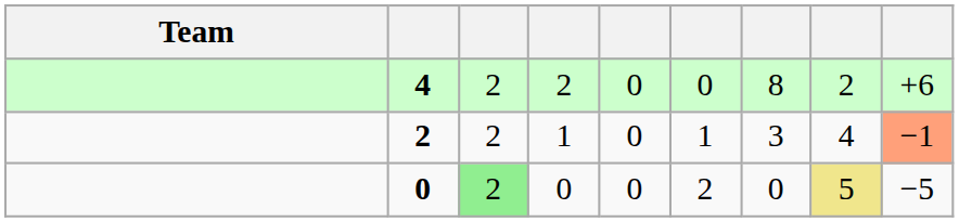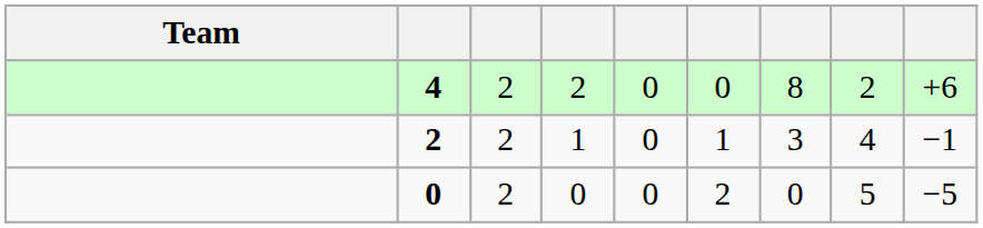 <table class="wikitable" style="text-align: center; font-size: 90%;">
 <tr>
 <th width="165">Team</th>
 <th width="25"></th>
 <th width="25"></th>
 <th width="25"></th>
 <th width="25"></th>
 <th width="25"></th>
 <th width="25"></th>
 <th width="25"></th>
 <th width="25"></th>
 </tr>
 <tr bgcolor=#ccffcc align=center>
 <td align=left></td>
 <td><strong>4</strong></td>
 <td>2</td>
 <td>2</td>
 <td>0</td>
 <td>0</td>
 <td>8</td>
 <td>2</td>
 <td>+6</td>
 </tr>
 <tr align=center>
 <td align=left></td>
 <td><strong>2</strong></td>
 <td>2</td>
 <td>1</td>
 <td>0</td>
 <td>1</td>
 <td>3</td>
 <td>4</td>
-<td style="background: lightsalmon;">−1</td>
+<td>−1</td>
 </tr>
 <tr align=center>
 <td align=left></td>
 <td><strong>0</strong></td>
-<td style="background: lightgreen;">2</td>
+<td>2</td>
 <td>0</td>
 <td>0</td>
 <td>2</td>
 <td>0</td>
-<td style="background: khaki;">5</td>
+<td>5</td>
 <td>−5</td>
 </tr>
 </table>
